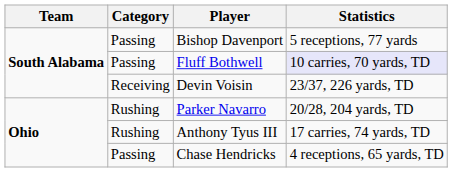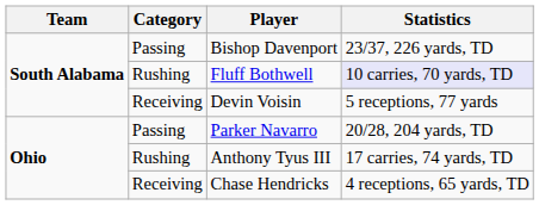 <table class="wikitable" style="float: right;">
 <tr>
 <th>Team</th>
 <th>Category</th>
 <th>Player</th>
 <th>Statistics</th>
 </tr>
 <tr>
 <td rowspan=3><strong>South Alabama</strong></td>
 <td>Passing</td>
 <td>Bishop Davenport</td>
-<td>5 receptions, 77 yards</td>
+<td>23/37, 226 yards, TD</td>
 </tr>
 <tr>
-<td>Passing</td>
+<td>Rushing</td>
 <td><a href='#'>Fluff Bothwell</a></td>
 <td style="background: lavender;">10 carries, 70 yards, TD</td>
 </tr>
 <tr>
 <td>Receiving</td>
 <td>Devin Voisin</td>
-<td>23/37, 226 yards, TD</td>
+<td>5 receptions, 77 yards</td>
 </tr>
 <tr>
 <td rowspan=3><strong>Ohio</strong></td>
-<td>Rushing</td>
+<td>Passing</td>
 <td><a href='#'>Parker Navarro</a></td>
 <td>20/28, 204 yards, TD</td>
 </tr>
 <tr>
 <td>Rushing</td>
 <td>Anthony Tyus III</td>
 <td>17 carries, 74 yards, TD</td>
 </tr>
 <tr>
-<td>Passing</td>
+<td>Receiving</td>
 <td>Chase Hendricks</td>
 <td>4 receptions, 65 yards, TD</td>
 </tr>
 </table>
